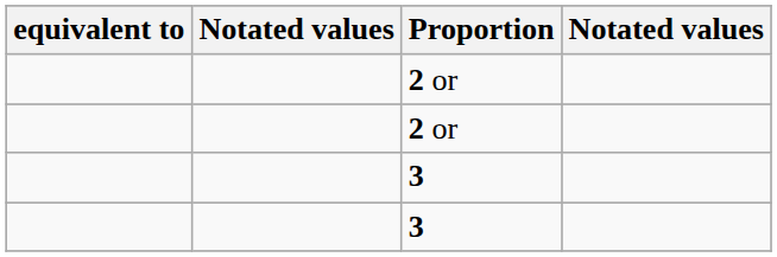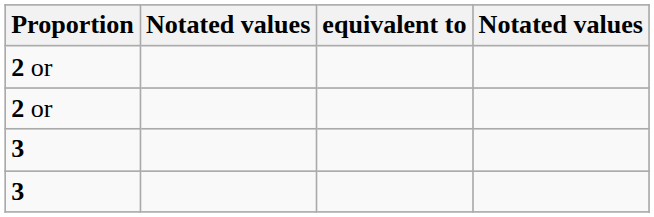 <table class="wikitable skin-invert-image" style="float:right;clear:right;">
 <tr>
+<th scope="column">Proportion</th>
+<th scope="column">Notated values</th>
 <th scope="column">equivalent to</th>
-<th scope="column">Notated values</th>
-<th scope="column">Proportion</th>
 <th scope="column">Notated values</th>
 </tr>
 <tr>
+<td> <strong>2</strong> or </td>
+<td> <br> </td>
 <td></td>
-<td> <br> </td>
-<td> <strong>2</strong> or </td>
 <td> <br>   </td>
 </tr>
 <tr>
+<td> <strong>2</strong> or  </td>
+<td><br></td>
 <td></td>
-<td><br></td>
-<td> <strong>2</strong> or  </td>
 <td><br></td>
 </tr>
 <tr>
+<td> <strong>3</strong></td>
+<td><br> </td>
 <td></td>
-<td><br> </td>
-<td> <strong>3</strong></td>
 <td><br></td>
 </tr>
 <tr>
+<td> <strong>3</strong></td>
+<td> <br>  </td>
 <td></td>
-<td> <br>  </td>
-<td> <strong>3</strong></td>
 <td> <br></td>
 </tr>
 </table>
